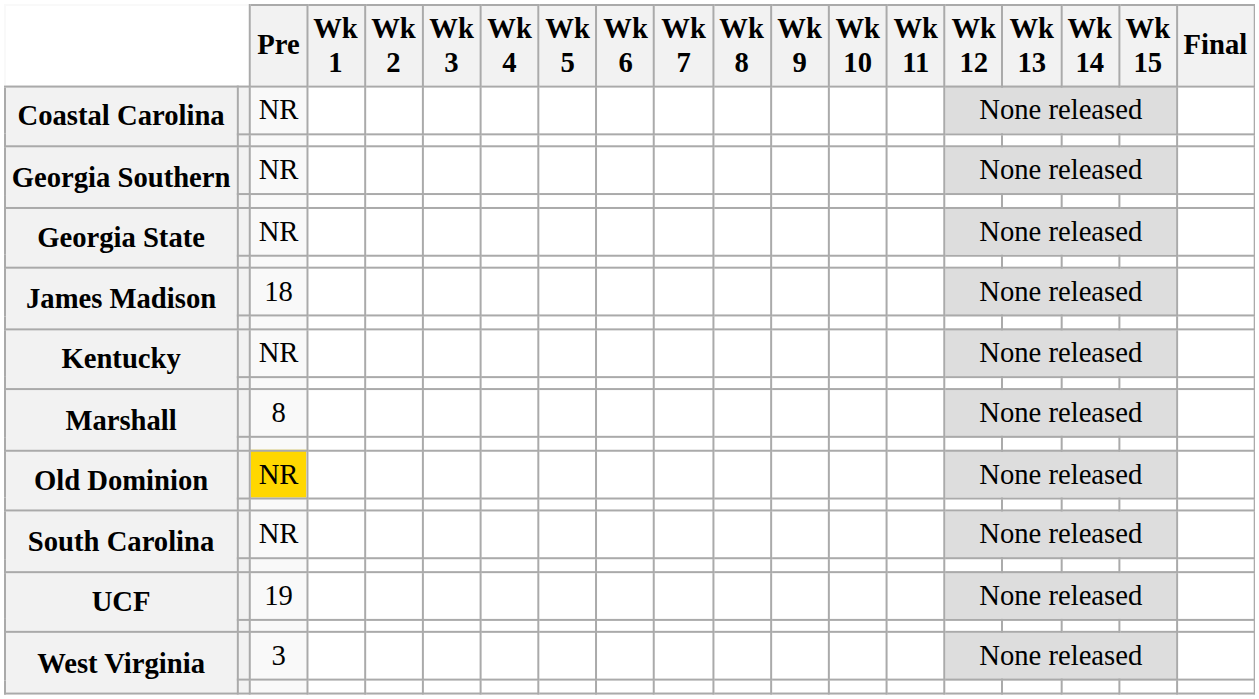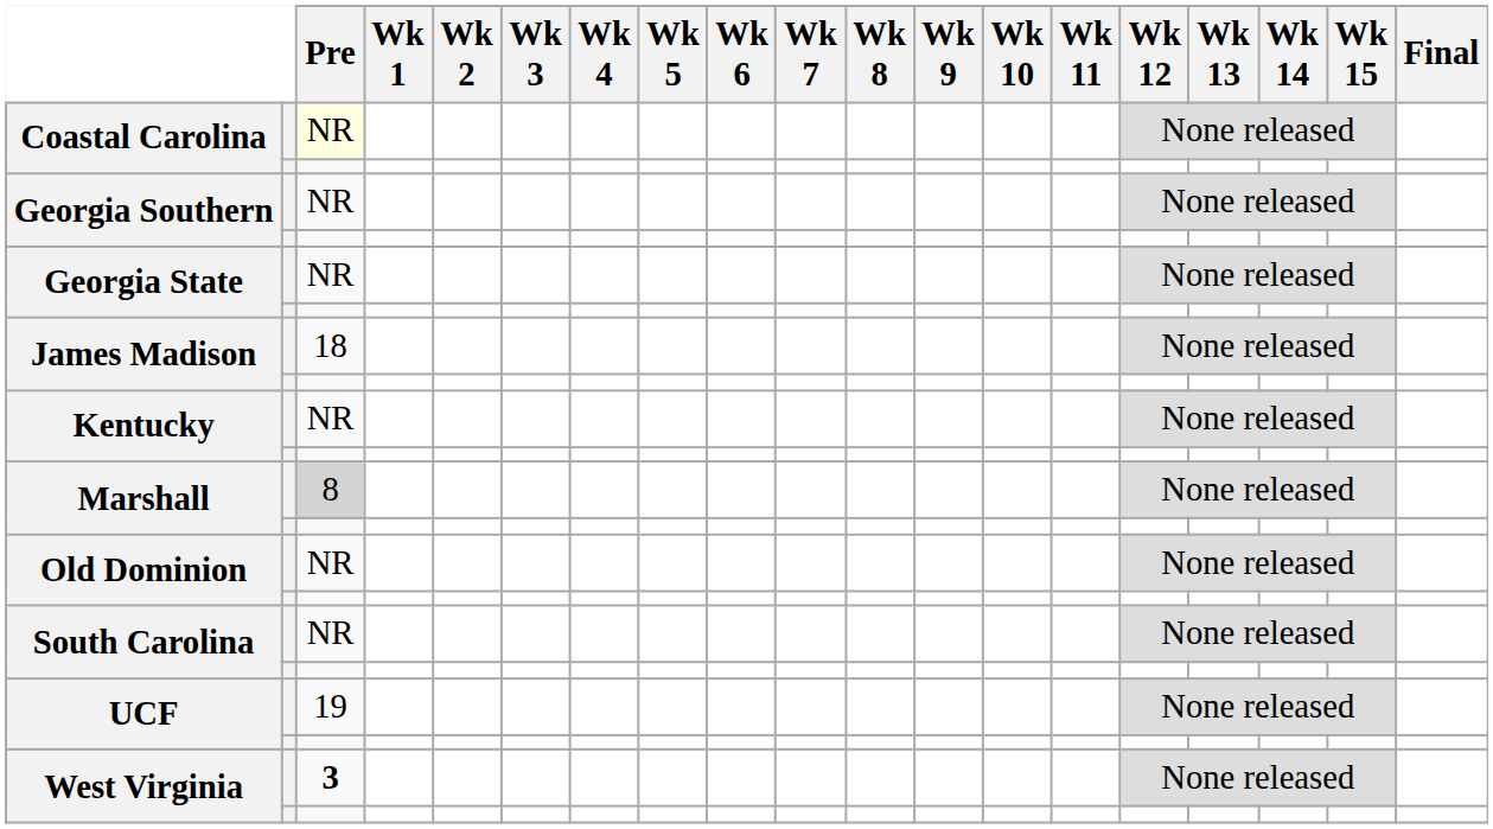 <table class="wikitable" style="white-space:nowrap;font-size:90%;text-align:center;">
 <tr>
 <th colspan=2 style="background:white; border-top-style:hidden; border-left-style:hidden;"> </th>
 <th>Pre</th>
 <th>Wk<br> 1</th>
 <th>Wk<br>2</th>
 <th>Wk<br>3</th>
 <th>Wk<br>4</th>
 <th>Wk<br>5</th>
 <th>Wk<br>6</th>
 <th>Wk<br>7</th>
 <th>Wk<br>8</th>
 <th>Wk<br>9</th>
 <th>Wk<br>10</th>
 <th>Wk<br>11</th>
 <th>Wk<br>12</th>
 <th>Wk<br>13</th>
 <th>Wk<br>14</th>
 <th>Wk<br>15</th>
 <th>Final</th>
 </tr>
 <tr>
 <th rowspan=2 style=>Coastal Carolina</th>
 <th></th>
-<td>NR</td>
+<td style="background: lightyellow;">NR</td>
 <td style="background:#FFF;"></td>
 <td style="background:#FFF;"></td>
 <td style="background:#FFF;"></td>
 <td style="background:#FFF;"></td>
 <td style="background:#FFF;"></td>
 <td style="background:#FFF;"></td>
 <td style="background:#FFF;"></td>
 <td style="background:#FFF;"></td>
 <td style="background:#FFF;"></td>
 <td style="background:#FFF;"></td>
 <td style="background:#FFF;"></td>
 <td colspan="4" style="background:#DDD;">None released</td>
 <td style="background:#FFF;"></td>
 </tr>
 <tr>
 <th></th>
 <td></td>
 <td style="background:#FFF;"></td>
 <td style="background:#FFF;"></td>
 <td style="background:#FFF;"></td>
 <td style="background:#FFF;"></td>
 <td style="background:#FFF;"></td>
 <td style="background:#FFF;"></td>
 <td style="background:#FFF;"></td>
 <td style="background:#FFF;"></td>
 <td style="background:#FFF;"></td>
 <td style="background:#FFF;"></td>
 <td style="background:#FFF;"></td>
 <td style="background:#FFF;"></td>
 <td style="background:#FFF;"></td>
 <td style="background:#FFF;"></td>
 <td style="background:#FFF;"></td>
 <td style="background:#FFF;"></td>
 </tr>
 <tr>
 <th rowspan=2 style=>Georgia Southern</th>
 <th></th>
 <td>NR</td>
 <td style="background:#FFF;"></td>
 <td style="background:#FFF;"></td>
 <td style="background:#FFF;"></td>
 <td style="background:#FFF;"></td>
 <td style="background:#FFF;"></td>
 <td style="background:#FFF;"></td>
 <td style="background:#FFF;"></td>
 <td style="background:#FFF;"></td>
 <td style="background:#FFF;"></td>
 <td style="background:#FFF;"></td>
 <td style="background:#FFF;"></td>
 <td colspan="4" style="background:#DDD;">None released</td>
 <td style="background:#FFF;"></td>
 </tr>
 <tr>
 <th></th>
 <td></td>
 <td style="background:#FFF;"></td>
 <td style="background:#FFF;"></td>
 <td style="background:#FFF;"></td>
 <td style="background:#FFF;"></td>
 <td style="background:#FFF;"></td>
 <td style="background:#FFF;"></td>
 <td style="background:#FFF;"></td>
 <td style="background:#FFF;"></td>
 <td style="background:#FFF;"></td>
 <td style="background:#FFF;"></td>
 <td style="background:#FFF;"></td>
 <td style="background:#FFF;"></td>
 <td style="background:#FFF;"></td>
 <td style="background:#FFF;"></td>
 <td style="background:#FFF;"></td>
 <td style="background:#FFF;"></td>
 </tr>
 <tr>
 <th rowspan=2 style=>Georgia State</th>
 <th></th>
 <td>NR</td>
 <td style="background:#FFF;"></td>
 <td style="background:#FFF;"></td>
 <td style="background:#FFF;"></td>
 <td style="background:#FFF;"></td>
 <td style="background:#FFF;"></td>
 <td style="background:#FFF;"></td>
 <td style="background:#FFF;"></td>
 <td style="background:#FFF;"></td>
 <td style="background:#FFF;"></td>
 <td style="background:#FFF;"></td>
 <td style="background:#FFF;"></td>
 <td colspan="4" style="background:#DDD;">None released</td>
 <td style="background:#FFF;"></td>
 </tr>
 <tr>
 <th></th>
 <td></td>
 <td style="background:#FFF;"></td>
 <td style="background:#FFF;"></td>
 <td style="background:#FFF;"></td>
 <td style="background:#FFF;"></td>
 <td style="background:#FFF;"></td>
 <td style="background:#FFF;"></td>
 <td style="background:#FFF;"></td>
 <td style="background:#FFF;"></td>
 <td style="background:#FFF;"></td>
 <td style="background:#FFF;"></td>
 <td style="background:#FFF;"></td>
 <td style="background:#FFF;"></td>
 <td style="background:#FFF;"></td>
 <td style="background:#FFF;"></td>
 <td style="background:#FFF;"></td>
 <td style="background:#FFF;"></td>
 </tr>
 <tr>
 <th rowspan=2 style=>James Madison</th>
 <th></th>
 <td>18</td>
 <td style="background:#FFF;"></td>
 <td style="background:#FFF;"></td>
 <td style="background:#FFF;"></td>
 <td style="background:#FFF;"></td>
 <td style="background:#FFF;"></td>
 <td style="background:#FFF;"></td>
 <td style="background:#FFF;"></td>
 <td style="background:#FFF;"></td>
 <td style="background:#FFF;"></td>
 <td style="background:#FFF;"></td>
 <td style="background:#FFF;"></td>
 <td colspan="4" style="background:#DDD;">None released</td>
 <td style="background:#FFF;"></td>
 </tr>
 <tr>
 <th></th>
 <td></td>
 <td style="background:#FFF;"></td>
 <td style="background:#FFF;"></td>
 <td style="background:#FFF;"></td>
 <td style="background:#FFF;"></td>
 <td style="background:#FFF;"></td>
 <td style="background:#FFF;"></td>
 <td style="background:#FFF;"></td>
 <td style="background:#FFF;"></td>
 <td style="background:#FFF;"></td>
 <td style="background:#FFF;"></td>
 <td style="background:#FFF;"></td>
 <td style="background:#FFF;"></td>
 <td style="background:#FFF;"></td>
 <td style="background:#FFF;"></td>
 <td style="background:#FFF;"></td>
 <td style="background:#FFF;"></td>
 </tr>
 <tr>
 <th rowspan=2 style=>Kentucky</th>
 <th></th>
 <td>NR</td>
 <td style="background:#FFF;"></td>
 <td style="background:#FFF;"></td>
 <td style="background:#FFF;"></td>
 <td style="background:#FFF;"></td>
 <td style="background:#FFF;"></td>
 <td style="background:#FFF;"></td>
 <td style="background:#FFF;"></td>
 <td style="background:#FFF;"></td>
 <td style="background:#FFF;"></td>
 <td style="background:#FFF;"></td>
 <td style="background:#FFF;"></td>
 <td colspan="4" style="background:#DDD;">None released</td>
 <td style="background:#FFF;"></td>
 </tr>
 <tr>
 <th></th>
 <td></td>
 <td style="background:#FFF;"></td>
 <td style="background:#FFF;"></td>
 <td style="background:#FFF;"></td>
 <td style="background:#FFF;"></td>
 <td style="background:#FFF;"></td>
 <td style="background:#FFF;"></td>
 <td style="background:#FFF;"></td>
 <td style="background:#FFF;"></td>
 <td style="background:#FFF;"></td>
 <td style="background:#FFF;"></td>
 <td style="background:#FFF;"></td>
 <td style="background:#FFF;"></td>
 <td style="background:#FFF;"></td>
 <td style="background:#FFF;"></td>
 <td style="background:#FFF;"></td>
 <td style="background:#FFF;"></td>
 </tr>
 <tr>
 <th rowspan=2 style=>Marshall</th>
 <th></th>
-<td>8</td>
+<td style="background: lightgrey;">8</td>
 <td style="background:#FFF;"></td>
 <td style="background:#FFF;"></td>
 <td style="background:#FFF;"></td>
 <td style="background:#FFF;"></td>
 <td style="background:#FFF;"></td>
 <td style="background:#FFF;"></td>
 <td style="background:#FFF;"></td>
 <td style="background:#FFF;"></td>
 <td style="background:#FFF;"></td>
 <td style="background:#FFF;"></td>
 <td style="background:#FFF;"></td>
 <td colspan="4" style="background:#DDD;">None released</td>
 <td style="background:#FFF;"></td>
 </tr>
 <tr>
 <th></th>
 <td></td>
 <td style="background:#FFF;"></td>
 <td style="background:#FFF;"></td>
 <td style="background:#FFF;"></td>
 <td style="background:#FFF;"></td>
 <td style="background:#FFF;"></td>
 <td style="background:#FFF;"></td>
 <td style="background:#FFF;"></td>
 <td style="background:#FFF;"></td>
 <td style="background:#FFF;"></td>
 <td style="background:#FFF;"></td>
 <td style="background:#FFF;"></td>
 <td style="background:#FFF;"></td>
 <td style="background:#FFF;"></td>
 <td style="background:#FFF;"></td>
 <td style="background:#FFF;"></td>
 <td style="background:#FFF;"></td>
 </tr>
 <tr>
 <th rowspan=2 style=>Old Dominion</th>
 <th></th>
-<td style="background: gold;">NR</td>
+<td>NR</td>
 <td style="background:#FFF;"></td>
 <td style="background:#FFF;"></td>
 <td style="background:#FFF;"></td>
 <td style="background:#FFF;"></td>
 <td style="background:#FFF;"></td>
 <td style="background:#FFF;"></td>
 <td style="background:#FFF;"></td>
 <td style="background:#FFF;"></td>
 <td style="background:#FFF;"></td>
 <td style="background:#FFF;"></td>
 <td style="background:#FFF;"></td>
 <td colspan="4" style="background:#DDD;">None released</td>
 <td style="background:#FFF;"></td>
 </tr>
 <tr>
 <th></th>
 <td></td>
 <td style="background:#FFF;"></td>
 <td style="background:#FFF;"></td>
 <td style="background:#FFF;"></td>
 <td style="background:#FFF;"></td>
 <td style="background:#FFF;"></td>
 <td style="background:#FFF;"></td>
 <td style="background:#FFF;"></td>
 <td style="background:#FFF;"></td>
 <td style="background:#FFF;"></td>
 <td style="background:#FFF;"></td>
 <td style="background:#FFF;"></td>
 <td style="background:#FFF;"></td>
 <td style="background:#FFF;"></td>
 <td style="background:#FFF;"></td>
 <td style="background:#FFF;"></td>
 <td style="background:#FFF;"></td>
 </tr>
 <tr>
 <th rowspan=2 style=>South Carolina</th>
 <th></th>
 <td>NR</td>
 <td style="background:#FFF;"></td>
 <td style="background:#FFF;"></td>
 <td style="background:#FFF;"></td>
 <td style="background:#FFF;"></td>
 <td style="background:#FFF;"></td>
 <td style="background:#FFF;"></td>
 <td style="background:#FFF;"></td>
 <td style="background:#FFF;"></td>
 <td style="background:#FFF;"></td>
 <td style="background:#FFF;"></td>
 <td style="background:#FFF;"></td>
 <td colspan="4" style="background:#DDD;">None released</td>
 <td style="background:#FFF;"></td>
 </tr>
 <tr>
 <th></th>
 <td></td>
 <td style="background:#FFF;"></td>
 <td style="background:#FFF;"></td>
 <td style="background:#FFF;"></td>
 <td style="background:#FFF;"></td>
 <td style="background:#FFF;"></td>
 <td style="background:#FFF;"></td>
 <td style="background:#FFF;"></td>
 <td style="background:#FFF;"></td>
 <td style="background:#FFF;"></td>
 <td style="background:#FFF;"></td>
 <td style="background:#FFF;"></td>
 <td style="background:#FFF;"></td>
 <td style="background:#FFF;"></td>
 <td style="background:#FFF;"></td>
 <td style="background:#FFF;"></td>
 <td style="background:#FFF;"></td>
 </tr>
 <tr N>
 <th rowspan=2 style=>UCF</th>
 <th></th>
 <td>19</td>
 <td style="background:#FFF;"></td>
 <td style="background:#FFF;"></td>
 <td style="background:#FFF;"></td>
 <td style="background:#FFF;"></td>
 <td style="background:#FFF;"></td>
 <td style="background:#FFF;"></td>
 <td style="background:#FFF;"></td>
 <td style="background:#FFF;"></td>
 <td style="background:#FFF;"></td>
 <td style="background:#FFF;"></td>
 <td style="background:#FFF;"></td>
 <td colspan="4" style="background:#DDD;">None released</td>
 <td style="background:#FFF;"></td>
 </tr>
 <tr>
 <th></th>
 <td></td>
 <td style="background:#FFF;"></td>
 <td style="background:#FFF;"></td>
 <td style="background:#FFF;"></td>
 <td style="background:#FFF;"></td>
 <td style="background:#FFF;"></td>
 <td style="background:#FFF;"></td>
 <td style="background:#FFF;"></td>
 <td style="background:#FFF;"></td>
 <td style="background:#FFF;"></td>
 <td style="background:#FFF;"></td>
 <td style="background:#FFF;"></td>
 <td style="background:#FFF;"></td>
 <td style="background:#FFF;"></td>
 <td style="background:#FFF;"></td>
 <td style="background:#FFF;"></td>
 <td style="background:#FFF;"></td>
 </tr>
 <tr>
 <th rowspan=2 style=>West Virginia</th>
 <th></th>
-<td>3</td>
+<td><strong>3</strong></td>
 <td style="background:#FFF;"></td>
 <td style="background:#FFF;"></td>
 <td style="background:#FFF;"></td>
 <td style="background:#FFF;"></td>
 <td style="background:#FFF;"></td>
 <td style="background:#FFF;"></td>
 <td style="background:#FFF;"></td>
 <td style="background:#FFF;"></td>
 <td style="background:#FFF;"></td>
 <td style="background:#FFF;"></td>
 <td style="background:#FFF;"></td>
 <td colspan="4" style="background:#DDD;">None released</td>
 <td style="background:#FFF;"></td>
 </tr>
 <tr>
 <th></th>
 <td></td>
 <td style="background:#FFF;"></td>
 <td style="background:#FFF;"></td>
 <td style="background:#FFF;"></td>
 <td style="background:#FFF;"></td>
 <td style="background:#FFF;"></td>
 <td style="background:#FFF;"></td>
 <td style="background:#FFF;"></td>
 <td style="background:#FFF;"></td>
 <td style="background:#FFF;"></td>
 <td style="background:#FFF;"></td>
 <td style="background:#FFF;"></td>
 <td style="background:#FFF;"></td>
 <td style="background:#FFF;"></td>
 <td style="background:#FFF;"></td>
 <td style="background:#FFF;"></td>
 <td style="background:#FFF;"></td>
 </tr>
 </table>
